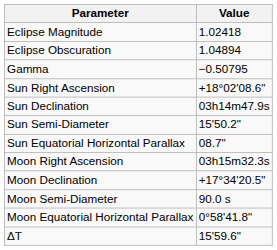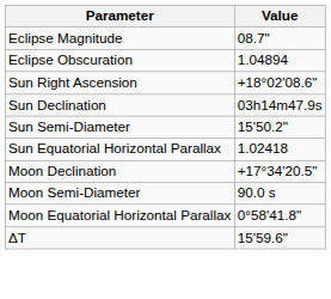 <table class="wikitable">
 <tr>
 <th>Parameter</th>
 <th>Value</th>
 </tr>
 <tr>
 <td>Eclipse Magnitude</td>
-<td>1.02418</td>
+<td>08.7"</td>
 </tr>
 <tr>
 <td>Eclipse Obscuration</td>
 <td>1.04894</td>
-</tr>
-<tr>
-<td>Gamma</td>
-<td>−0.50795</td>
 </tr>
 <tr>
 <td>Sun Right Ascension</td>
 <td>+18°02'08.6"</td>
 </tr>
 <tr>
 <td>Sun Declination</td>
 <td>03h14m47.9s</td>
 </tr>
 <tr>
 <td>Sun Semi-Diameter</td>
 <td>15'50.2"</td>
 </tr>
 <tr>
 <td>Sun Equatorial Horizontal Parallax</td>
-<td>08.7"</td>
-</tr>
-<tr>
-<td>Moon Right Ascension</td>
-<td>03h15m32.3s</td>
+<td>1.02418</td>
 </tr>
 <tr>
 <td>Moon Declination</td>
 <td>+17°34'20.5"</td>
 </tr>
 <tr>
 <td>Moon Semi-Diameter</td>
 <td>90.0 s</td>
 </tr>
 <tr>
 <td>Moon Equatorial Horizontal Parallax</td>
 <td>0°58'41.8"</td>
 </tr>
 <tr>
 <td>ΔT</td>
 <td>15'59.6"</td>
 </tr>
 </table>
